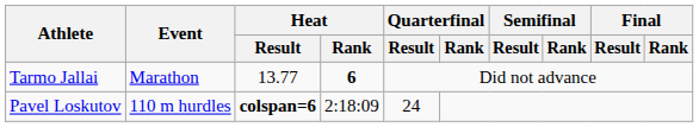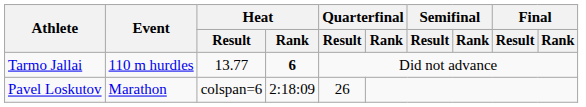 <table class="wikitable" style="font-size:90%;">
 <tr>
 <th rowspan="2">Athlete</th>
 <th rowspan="2">Event</th>
 <th colspan="2">Heat</th>
 <th colspan="2">Quarterfinal</th>
 <th colspan="2">Semifinal</th>
 <th colspan="2">Final</th>
 </tr>
 <tr style="font-size:95%">
 <th>Result</th>
 <th>Rank</th>
 <th>Result</th>
 <th>Rank</th>
 <th>Result</th>
 <th>Rank</th>
 <th>Result</th>
 <th>Rank</th>
 </tr>
 <tr align=center>
 <td align=left><a href='#'>Tarmo Jallai</a></td>
-<td align=left><a href='#'>Marathon</a></td>
+<td align=left><a href='#'>110 m hurdles</a></td>
 <td>13.77</td>
 <td><strong>6</strong></td>
 <td colspan=6>Did not advance</td>
 </tr>
 <tr align=center>
 <td align=left><a href='#'>Pavel Loskutov</a></td>
-<td align=left><a href='#'>110 m hurdles</a></td>
-<td><strong>colspan=6 </strong></td>
+<td align=left><a href='#'>Marathon</a></td>
+<td>colspan=6 </td>
 <td>2:18:09</td>
-<td>24</td>
+<td>26</td>
 </tr>
 </table>
